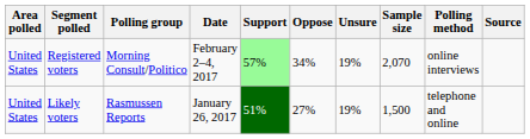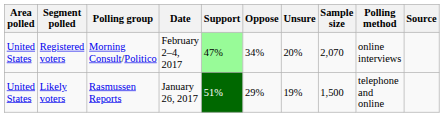 <table class="wikitable sortable" style="width: 75%;">
 <tr>
 <th>Area polled</th>
 <th>Segment polled</th>
 <th>Polling group</th>
 <th>Date</th>
 <th>Support</th>
 <th>Oppose</th>
 <th>Unsure</th>
 <th>Sample size</th>
 <th>Polling method</th>
 <th>Source</th>
 </tr>
 <tr>
 <td> <a href='#'>United States</a></td>
 <td><a href='#'>Registered voters</a></td>
 <td><a href='#'>Morning Consult</a>/<a href='#'>Politico</a></td>
 <td>February 2–4, 2017</td>
-<td style="background: PaleGreen; color: black">57%</td>
+<td style="background: PaleGreen; color: black">47%</td>
 <td>34%</td>
-<td>19%</td>
+<td>20%</td>
 <td>2,070</td>
 <td>online interviews</td>
 <td></td>
 </tr>
 <tr>
 <td> <a href='#'>United States</a></td>
 <td><a href='#'>Likely voters</a></td>
 <td><a href='#'>Rasmussen Reports</a></td>
 <td>January 26, 2017</td>
 <td style="background:#006800; color: white">51%</td>
-<td>27%</td>
+<td>29%</td>
 <td>19%</td>
 <td>1,500</td>
 <td>telephone and online</td>
 <td></td>
 </tr>
 </table>
